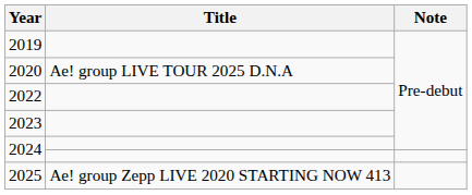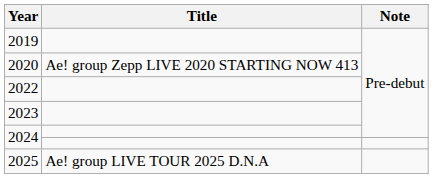 <table class="wikitable">
 <tr>
 <th>Year</th>
 <th>Title</th>
 <th>Note</th>
 </tr>
 <tr>
 <td>2019</td>
 <td></td>
 <td rowspan="5">Pre-debut</td>
 </tr>
 <tr>
 <td>2020</td>
-<td>Ae! group LIVE TOUR 2025 D.N.A</td>
+<td>Ae! group Zepp LIVE 2020 STARTING NOW 413</td>
 </tr>
 <tr>
 <td>2022</td>
 <td></td>
 </tr>
 <tr>
 <td>2023</td>
 <td></td>
 </tr>
 <tr>
 <td rowspan="2">2024</td>
 <td></td>
 </tr>
 <tr>
 <td></td>
 <td></td>
 </tr>
 <tr>
 <td>2025</td>
-<td>Ae! group Zepp LIVE 2020 STARTING NOW 413</td>
+<td>Ae! group LIVE TOUR 2025 D.N.A</td>
 <td></td>
 </tr>
 </table>
